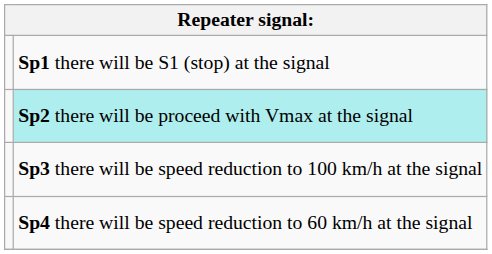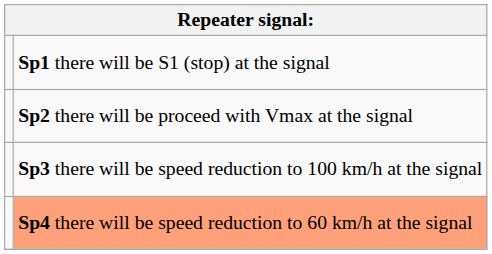 <table class="wikitable">
 <tr>
 <th colspan="2" align="center">Repeater signal:</th>
 </tr>
 <tr -->
 <td><br><br></td>
 <td><strong>Sp1</strong> there will be S1 (stop) at the signal</td>
 </tr>
 <tr -->
 <td><br><br></td>
-<td style="background: paleturquoise;"><strong>Sp2</strong> there will be proceed with Vmax at the signal</td>
+<td><strong>Sp2</strong> there will be proceed with Vmax at the signal</td>
 </tr>
 <tr -->
 <td><br><br></td>
 <td><strong>Sp3</strong> there will be speed reduction to 100 km/h at the signal</td>
 </tr>
 <tr -->
 <td><br><br></td>
-<td><strong>Sp4</strong> there will be speed reduction to 60 km/h at the signal</td>
+<td style="background: lightsalmon;"><strong>Sp4</strong> there will be speed reduction to 60 km/h at the signal</td>
 </tr>
 <tr -->
 </tr>
 </table>
